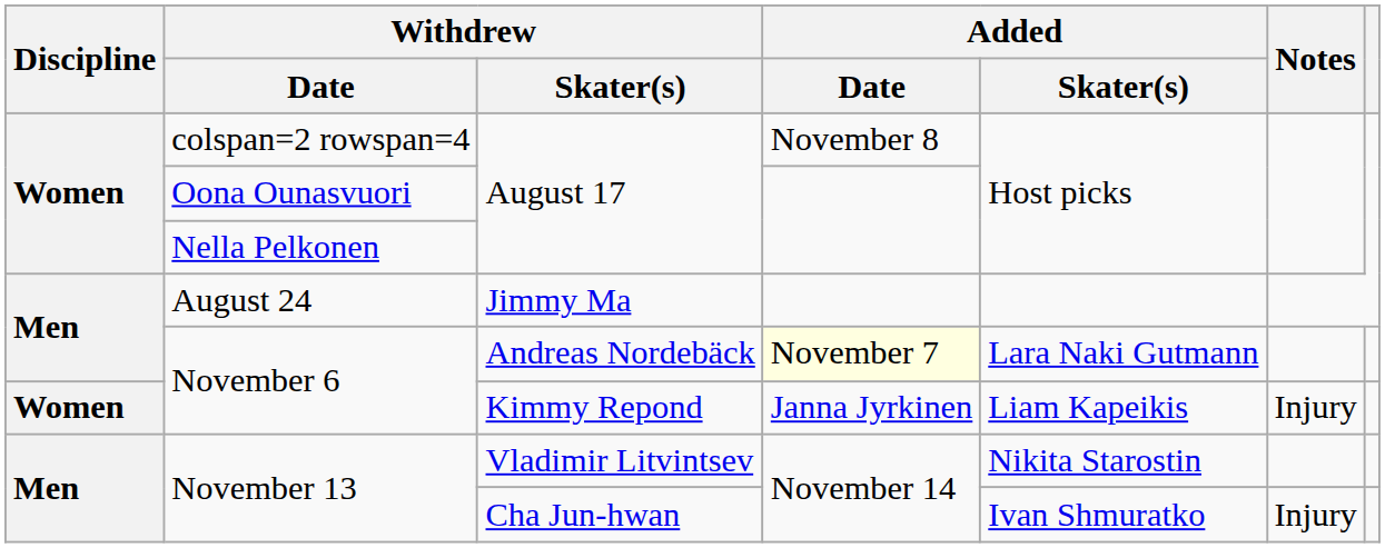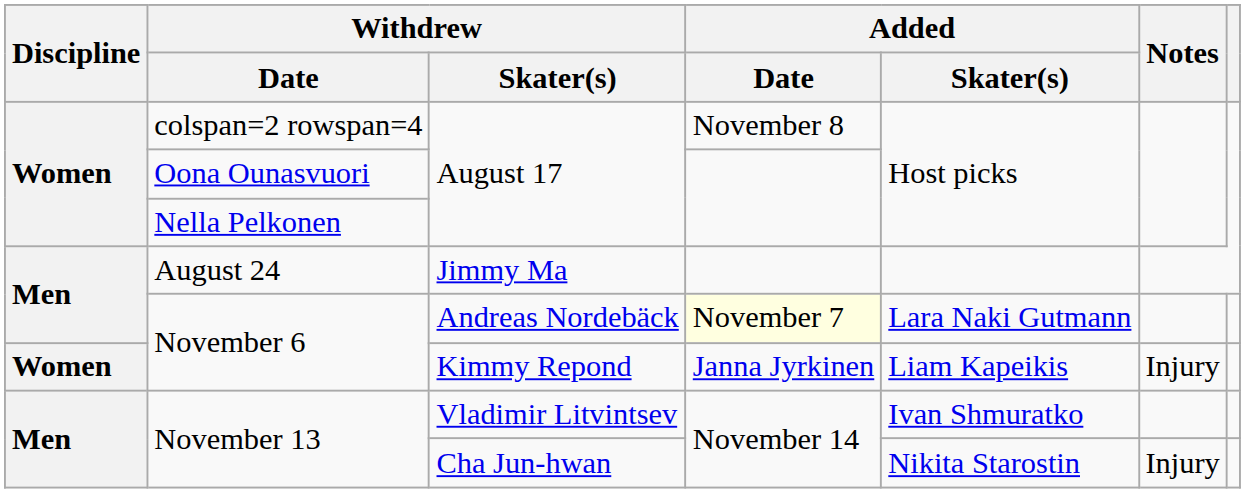 <table class="wikitable unsortable">
 <tr>
 <th scope="col" rowspan=2>Discipline</th>
 <th scope="col" colspan=2>Withdrew</th>
 <th scope="col" colspan=2>Added</th>
 <th scope="col" rowspan=2>Notes</th>
 <th scope="col" rowspan=2></th>
 </tr>
 <tr>
 <th>Date</th>
 <th>Skater(s)</th>
 <th>Date</th>
 <th>Skater(s)</th>
 </tr>
 <tr>
 <th scope="row" style="text-align:left" rowspan=3>Women</th>
 <td>colspan=2 rowspan=4 </td>
 <td rowspan=3>August 17</td>
 <td>November 8</td>
 <td rowspan=3>Host picks</td>
 <td rowspan=3></td>
 </tr>
 <tr>
 <td> <a href='#'>Oona Ounasvuori</a></td>
 </tr>
 <tr>
 <td> <a href='#'>Nella Pelkonen</a></td>
 </tr>
 <tr>
 <th scope="row" style="text-align:left" rowspan=2>Men</th>
 <td>August 24</td>
 <td> <a href='#'>Jimmy Ma</a></td>
 <td></td>
 <td></td>
 </tr>
 <tr>
 <td rowspan=2>November 6</td>
 <td> <a href='#'>Andreas Nordebäck</a></td>
 <td style="background: lightyellow;">November 7</td>
 <td> <a href='#'>Lara Naki Gutmann</a></td>
 <td></td>
 <td></td>
 </tr>
 <tr>
 <th scope="row" style="text-align:left">Women</th>
 <td> <a href='#'>Kimmy Repond</a></td>
 <td> <a href='#'>Janna Jyrkinen</a></td>
 <td> <a href='#'>Liam Kapeikis</a></td>
 <td>Injury</td>
 <td></td>
 </tr>
 <tr>
 <th scope="row" style="text-align:left" rowspan="2">Men</th>
 <td rowspan="2">November 13</td>
 <td> <a href='#'>Vladimir Litvintsev</a></td>
 <td rowspan="2">November 14</td>
-<td> <a href='#'>Nikita Starostin</a></td>
+<td> <a href='#'>Ivan Shmuratko</a></td>
 <td></td>
 <td></td>
 </tr>
 <tr>
 <td> <a href='#'>Cha Jun-hwan</a></td>
-<td> <a href='#'>Ivan Shmuratko</a></td>
+<td> <a href='#'>Nikita Starostin</a></td>
 <td>Injury</td>
 <td></td>
 </tr>
 </table>
